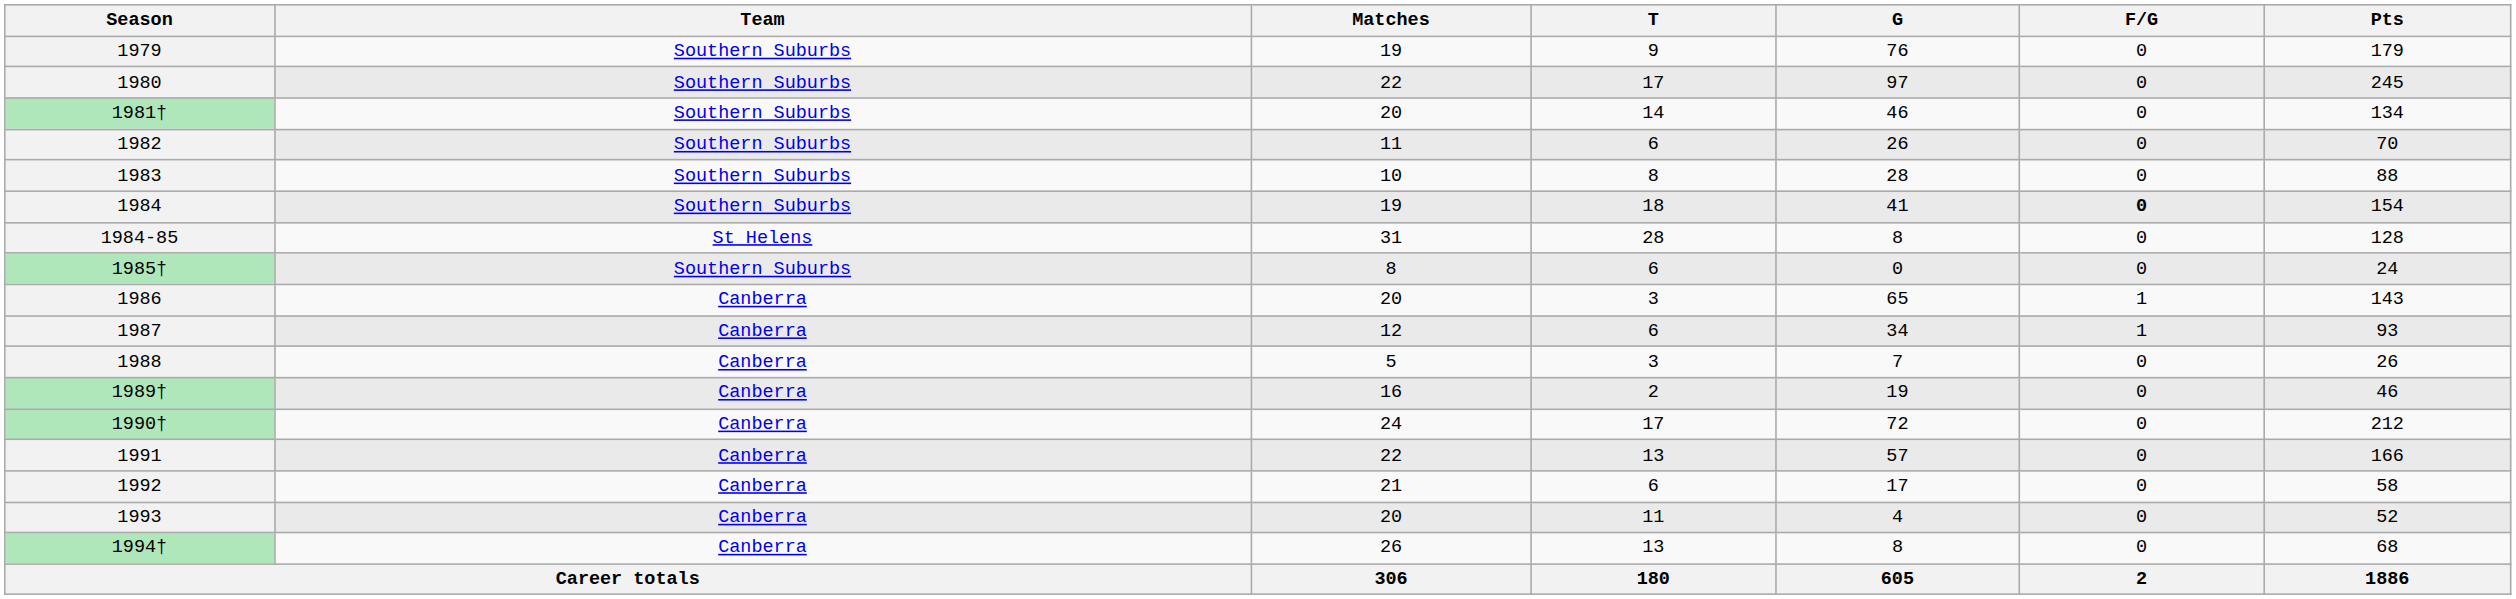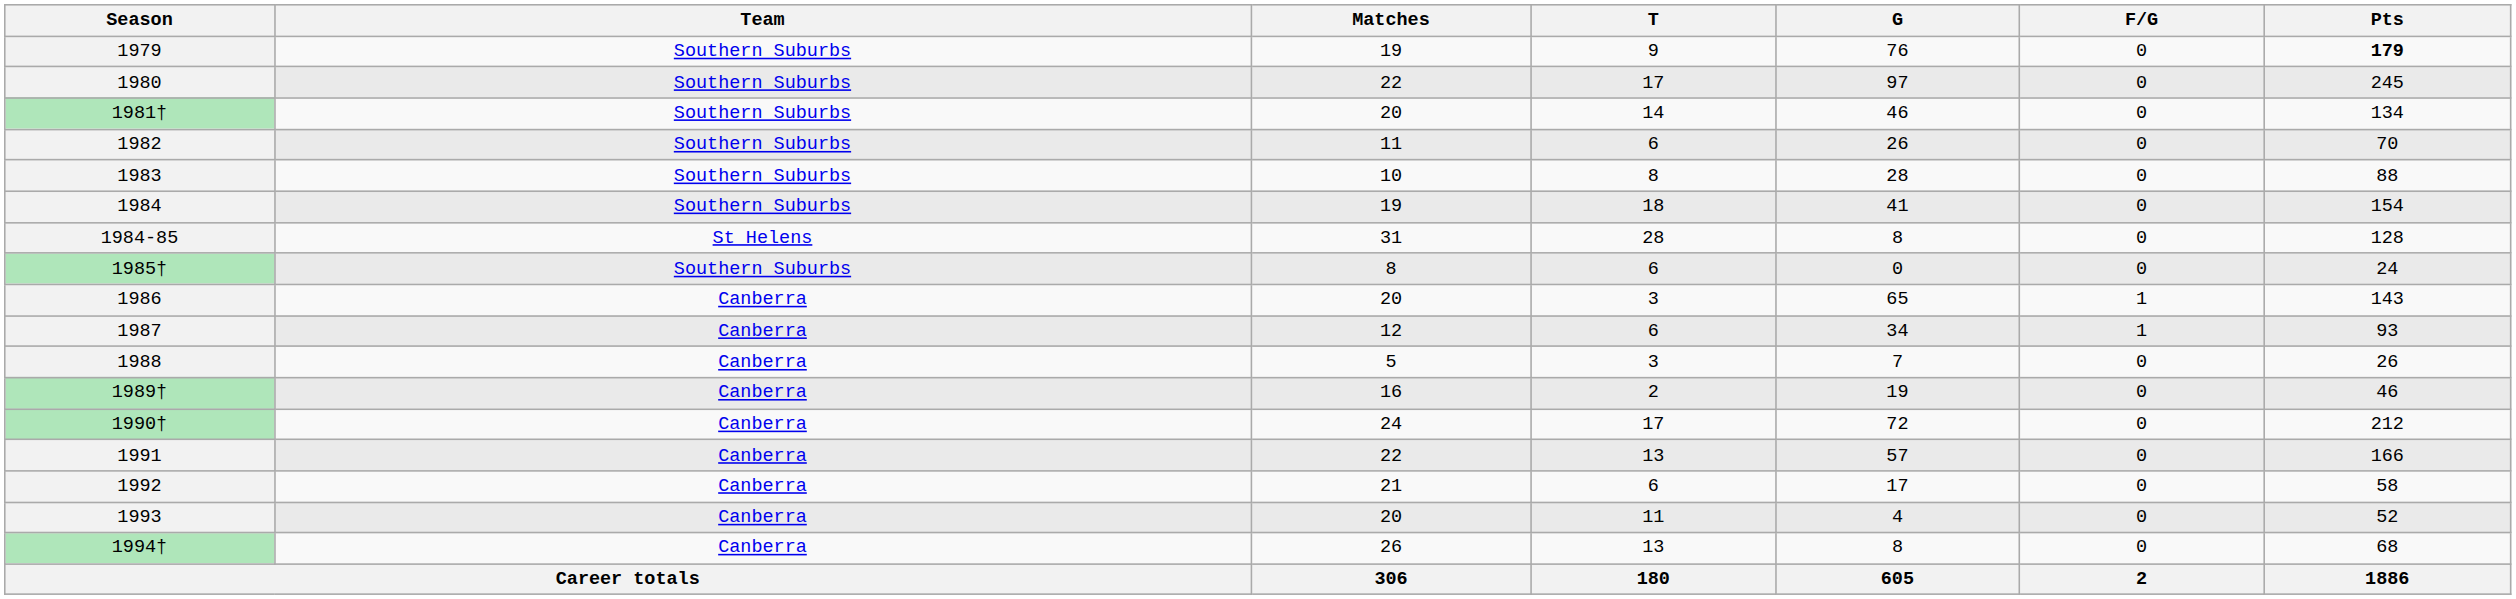 <table class="wikitable sortable" style="font-size:90%; text-align:center; width:80%;">
 <tr>
 <th width="2%">Season</th>
 <th width="8%">Team</th>
 <th width="2%">Matches</th>
 <th width="2%">T</th>
 <th width="2%">G</th>
 <th width="2%">F/G</th>
 <th width="2%">Pts</th>
 </tr>
 <tr>
 <th scope="row" style="text-align:center; font-weight:normal">1979</th>
 <td style="text-align:center;"> <a href='#'>Southern Suburbs</a></td>
 <td>19</td>
 <td>9</td>
 <td>76</td>
 <td>0</td>
-<td>179</td>
+<td><strong>179</strong></td>
 </tr>
 <tr style="background:#eaeaea;">
 <th scope="row" style="text-align:center; font-weight:normal">1980</th>
 <td style="text-align:center;"> <a href='#'>Southern Suburbs</a></td>
 <td>22</td>
 <td>17</td>
 <td>97</td>
 <td>0</td>
 <td>245</td>
 </tr>
 <tr>
 <th scope="row" style="text-align:center; font-weight:normal; background:#afe6ba;">1981†</th>
 <td style="text-align:center;"> <a href='#'>Southern Suburbs</a></td>
 <td>20</td>
 <td>14</td>
 <td>46</td>
 <td>0</td>
 <td>134</td>
 </tr>
 <tr style="background:#eaeaea;">
 <th scope="row" style="text-align:center; font-weight:normal">1982</th>
 <td style="text-align:center;"> <a href='#'>Southern Suburbs</a></td>
 <td>11</td>
 <td>6</td>
 <td>26</td>
 <td>0</td>
 <td>70</td>
 </tr>
 <tr>
 <th scope="row" style="text-align:center; font-weight:normal">1983</th>
 <td style="text-align:center;"> <a href='#'>Southern Suburbs</a></td>
 <td>10</td>
 <td>8</td>
 <td>28</td>
 <td>0</td>
 <td>88</td>
 </tr>
 <tr style="background:#eaeaea;">
 <th scope="row" style="text-align:center; font-weight:normal">1984</th>
 <td style="text-align:center;"> <a href='#'>Southern Suburbs</a></td>
 <td>19</td>
 <td>18</td>
 <td>41</td>
-<td><strong>0</strong></td>
+<td>0</td>
 <td>154</td>
 </tr>
 <tr>
 <th scope="row" style="text-align:center; font-weight:normal">1984-85</th>
 <td style="text-align:center;"> <a href='#'>St Helens</a></td>
 <td>31</td>
 <td>28</td>
 <td>8</td>
 <td>0</td>
 <td>128</td>
 </tr>
 <tr style="background:#eaeaea;">
 <th scope="row" style="text-align:center; font-weight:normal; background:#afe6ba;">1985†</th>
 <td style="text-align:center;"> <a href='#'>Southern Suburbs</a></td>
 <td>8</td>
 <td>6</td>
 <td>0</td>
 <td>0</td>
 <td>24</td>
 </tr>
 <tr>
 <th scope="row" style="text-align:center; font-weight:normal">1986</th>
 <td style="text-align:center;"> <a href='#'>Canberra</a></td>
 <td>20</td>
 <td>3</td>
 <td>65</td>
 <td>1</td>
 <td>143</td>
 </tr>
 <tr style="background:#eaeaea;">
 <th scope="row" style="text-align:center; font-weight:normal">1987</th>
 <td style="text-align:center;"> <a href='#'>Canberra</a></td>
 <td>12</td>
 <td>6</td>
 <td>34</td>
 <td>1</td>
 <td>93</td>
 </tr>
 <tr>
 <th scope="row" style="text-align:center; font-weight:normal">1988</th>
 <td style="text-align:center;"> <a href='#'>Canberra</a></td>
 <td>5</td>
 <td>3</td>
 <td>7</td>
 <td>0</td>
 <td>26</td>
 </tr>
 <tr style="background:#eaeaea;">
 <th scope="row" style="text-align:center; font-weight:normal; background:#afe6ba;">1989†</th>
 <td style="text-align:center;"> <a href='#'>Canberra</a></td>
 <td>16</td>
 <td>2</td>
 <td>19</td>
 <td>0</td>
 <td>46</td>
 </tr>
 <tr>
 <th scope="row" style="text-align:center; font-weight:normal; background:#afe6ba;">1990†</th>
 <td style="text-align:center;"> <a href='#'>Canberra</a></td>
 <td>24</td>
 <td>17</td>
 <td>72</td>
 <td>0</td>
 <td>212</td>
 </tr>
 <tr style="background:#eaeaea;">
 <th scope="row" style="text-align:center; font-weight:normal">1991</th>
 <td style="text-align:center;"> <a href='#'>Canberra</a></td>
 <td>22</td>
 <td>13</td>
 <td>57</td>
 <td>0</td>
 <td>166</td>
 </tr>
 <tr>
 <th scope="row" style="text-align:center; font-weight:normal">1992</th>
 <td style="text-align:center;"> <a href='#'>Canberra</a></td>
 <td>21</td>
 <td>6</td>
 <td>17</td>
 <td>0</td>
 <td>58</td>
 </tr>
 <tr style="background:#eaeaea;">
 <th scope="row" style="text-align:center; font-weight:normal">1993</th>
 <td style="text-align:center;"> <a href='#'>Canberra</a></td>
 <td>20</td>
 <td>11</td>
 <td>4</td>
 <td>0</td>
 <td>52</td>
 </tr>
 <tr>
 <th scope="row" style="text-align:center; font-weight:normal; background:#afe6ba;">1994†</th>
 <td style="text-align:center;"> <a href='#'>Canberra</a></td>
 <td>26</td>
 <td>13</td>
 <td>8</td>
 <td>0</td>
 <td>68</td>
 </tr>
 <tr class="sortbottom">
 <th colspan="2">Career totals</th>
 <th>306</th>
 <th>180</th>
 <th>605</th>
 <th>2</th>
 <th>1886</th>
 </tr>
 </table>
